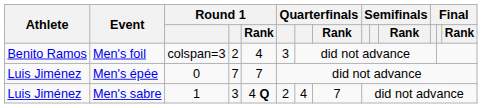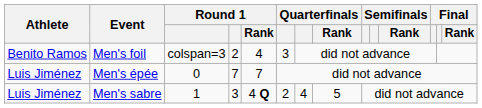 <table class="wikitable" style="font-size:90%">
 <tr>
 <th rowspan=2>Athlete</th>
 <th rowspan=2>Event</th>
 <th colspan=3>Round 1</th>
 <th colspan=3>Quarterfinals</th>
 <th colspan=3>Semifinals</th>
 <th colspan=3>Final</th>
 </tr>
 <tr style="font-size:95%">
 <th></th>
 <th></th>
 <th>Rank</th>
 <th></th>
 <th></th>
 <th>Rank</th>
 <th></th>
 <th></th>
 <th>Rank</th>
 <th></th>
 <th></th>
 <th>Rank</th>
 </tr>
 <tr align=center>
 <td align=left><a href='#'>Benito Ramos</a></td>
 <td align=left><a href='#'>Men's foil</a></td>
 <td>colspan=3 </td>
 <td>2</td>
 <td>4</td>
 <td>3</td>
 <td colspan=6>did not advance</td>
 </tr>
 <tr align=center>
 <td align=left><a href='#'>Luis Jiménez</a></td>
 <td align=left><a href='#'>Men's épée</a></td>
 <td>0</td>
 <td>7</td>
 <td>7</td>
 <td colspan=9>did not advance</td>
 </tr>
 <tr align=center>
 <td align=left><a href='#'>Luis Jiménez</a></td>
 <td align=left><a href='#'>Men's sabre</a></td>
 <td>1</td>
 <td>3</td>
 <td>4 <strong>Q</strong></td>
 <td>2</td>
 <td>4</td>
-<td>7</td>
+<td>5</td>
 <td colspan=6>did not advance</td>
 </tr>
 </table>
